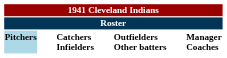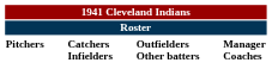 <table class="toccolours" style="font-size: 95%;">
 <tr>
 <th colspan="10" style="background-color: #990000; color: white; text-align: center;">1941 Cleveland Indians</th>
 </tr>
 <tr>
 <td colspan="10" style="background-color: #023456; color: white; text-align: center;"><strong>Roster</strong></td>
 </tr>
 <tr>
-<td valign="top" style="background: lightblue;"><strong>Pitchers</strong><br>              </td>
+<td valign="top"><strong>Pitchers</strong><br>              </td>
 <td width="25px"></td>
 <td valign="top"><strong>Catchers</strong><br>    <strong>Infielders</strong>          </td>
 <td width="25px"></td>
 <td valign="top"><strong>Outfielders</strong><br>          <strong>Other batters</strong>  </td>
 <td width="25px"></td>
 <td valign="top"><strong>Manager</strong><br> <strong>Coaches</strong>    </td>
 </tr>
 </table>
